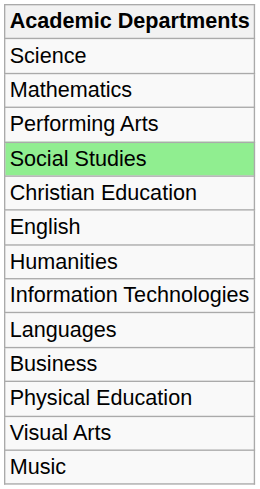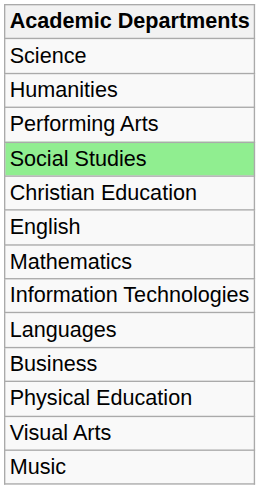 <table class="wikitable" border="1">
 <tr>
 <th>Academic Departments</th>
 </tr>
 <tr>
 <td>Science</td>
 </tr>
 <tr>
-<td>Mathematics</td>
+<td>Humanities</td>
 </tr>
 <tr>
 <td>Performing Arts</td>
 </tr>
 <tr>
 <td style="background: lightgreen;">Social Studies</td>
 </tr>
 <tr>
 <td>Christian Education</td>
 </tr>
 <tr>
 <td>English</td>
 </tr>
 <tr>
-<td>Humanities</td>
+<td>Mathematics</td>
 </tr>
 <tr>
 <td>Information Technologies</td>
 </tr>
 <tr>
 <td>Languages</td>
 </tr>
 <tr>
 <td>Business</td>
 </tr>
 <tr>
 <td>Physical Education</td>
 </tr>
 <tr>
 <td>Visual Arts</td>
 </tr>
 <tr>
 <td>Music</td>
 </tr>
 </table>
